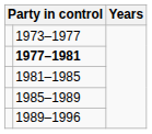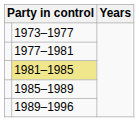 <table class="wikitable">
 <tr>
 <th colspan=2>Party in control</th>
 <th>Years</th>
 </tr>
 <tr>
 <td></td>
 <td>1973–1977</td>
 </tr>
 <tr>
 <td></td>
-<td><strong>1977–1981</strong></td>
+<td>1977–1981</td>
 </tr>
 <tr>
 <td></td>
-<td>1981–1985</td>
+<td style="background: khaki;">1981–1985</td>
 </tr>
 <tr>
 <td></td>
 <td>1985–1989</td>
 </tr>
 <tr>
 <td></td>
 <td>1989–1996</td>
 </tr>
 </table>
